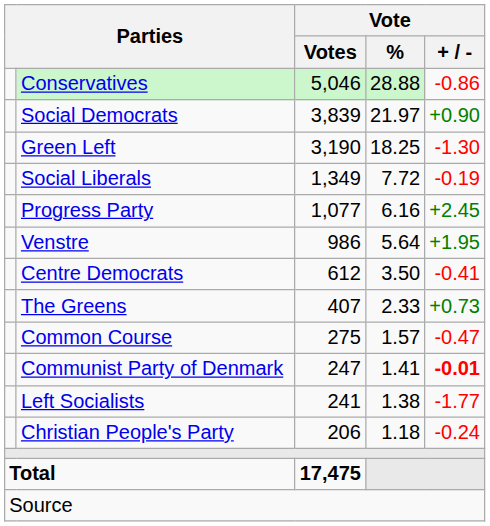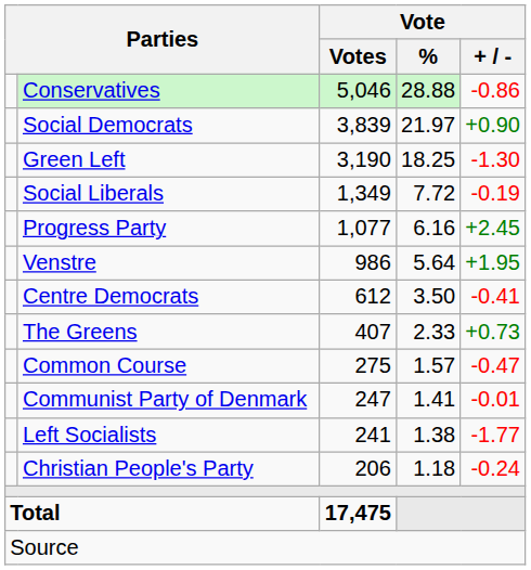 <table class="wikitable" style="text-align:right;">
 <tr>
 <th style="text-align:centre;" rowspan="2" colspan="2" width="225">Parties</th>
 <th colspan="3">Vote</th>
 </tr>
 <tr>
 <th width="15">Votes</th>
 <th width="15">%</th>
 <th width="15">+ / -</th>
 </tr>
 <tr>
 <td width="2" style="color:inherit;background:"></td>
 <td bgcolor=#ccf7cc  align="left"><a href='#'>Conservatives</a></td>
 <td bgcolor=#ccf7cc>5,046</td>
 <td bgcolor=#ccf7cc>28.88</td>
 <td style=color:red;>-0.86</td>
 </tr>
 <tr>
 <td width="2" style="color:inherit;background:"></td>
 <td align="left"><a href='#'>Social Democrats</a></td>
 <td>3,839</td>
 <td>21.97</td>
 <td style=color:green;>+0.90</td>
 </tr>
 <tr>
 <td width="2" style="color:inherit;background:"></td>
 <td align="left"><a href='#'>Green Left</a></td>
 <td>3,190</td>
 <td>18.25</td>
 <td style=color:red;>-1.30</td>
 </tr>
 <tr>
 <td width="2" style="color:inherit;background:"></td>
 <td align="left"><a href='#'>Social Liberals</a></td>
 <td>1,349</td>
 <td>7.72</td>
 <td style=color:red;>-0.19</td>
 </tr>
 <tr>
 <td width="2" style="color:inherit;background:"></td>
 <td align="left"><a href='#'>Progress Party</a></td>
 <td>1,077</td>
 <td>6.16</td>
 <td style=color:green;>+2.45</td>
 </tr>
 <tr>
 <td width="2" style="color:inherit;background:"></td>
 <td align="left"><a href='#'>Venstre</a></td>
 <td>986</td>
 <td>5.64</td>
 <td style=color:green;>+1.95</td>
 </tr>
 <tr>
 <td width="2" style="color:inherit;background:"></td>
 <td align="left"><a href='#'>Centre Democrats</a></td>
 <td>612</td>
 <td>3.50</td>
 <td style=color:red;>-0.41</td>
 </tr>
 <tr>
 <td width="2" style="color:inherit;background:"></td>
 <td align="left"><a href='#'>The Greens</a></td>
 <td>407</td>
 <td>2.33</td>
 <td style=color:green;>+0.73</td>
 </tr>
 <tr>
 <td width="2" style="color:inherit;background:"></td>
 <td align="left"><a href='#'>Common Course</a></td>
 <td>275</td>
 <td>1.57</td>
 <td style=color:red;>-0.47</td>
 </tr>
 <tr>
 <td width="2" style="color:inherit;background:"></td>
 <td align="left"><a href='#'>Communist Party of Denmark</a></td>
 <td>247</td>
 <td>1.41</td>
-<td style=color:red;><strong>-0.01</strong></td>
+<td style=color:red;>-0.01</td>
 </tr>
 <tr>
 <td width="2" style="color:inherit;background:"></td>
 <td align="left"><a href='#'>Left Socialists</a></td>
 <td>241</td>
 <td>1.38</td>
 <td style=color:red;>-1.77</td>
 </tr>
 <tr>
 <td width="2" style="color:inherit;background:"></td>
 <td align="left"><a href='#'>Christian People's Party</a></td>
 <td>206</td>
 <td>1.18</td>
 <td style=color:red;>-0.24</td>
 </tr>
 <tr>
 <td colspan="7" bgcolor="#E9E9E9"></td>
 </tr>
 <tr>
 <td align="left" colspan="2"><strong>Total</strong></td>
 <td><strong>17,475</strong></td>
 <td bgcolor="#E9E9E9" colspan="2"></td>
 </tr>
 <tr>
 <td align="left" colspan="6">Source</td>
 </tr>
 </table>
